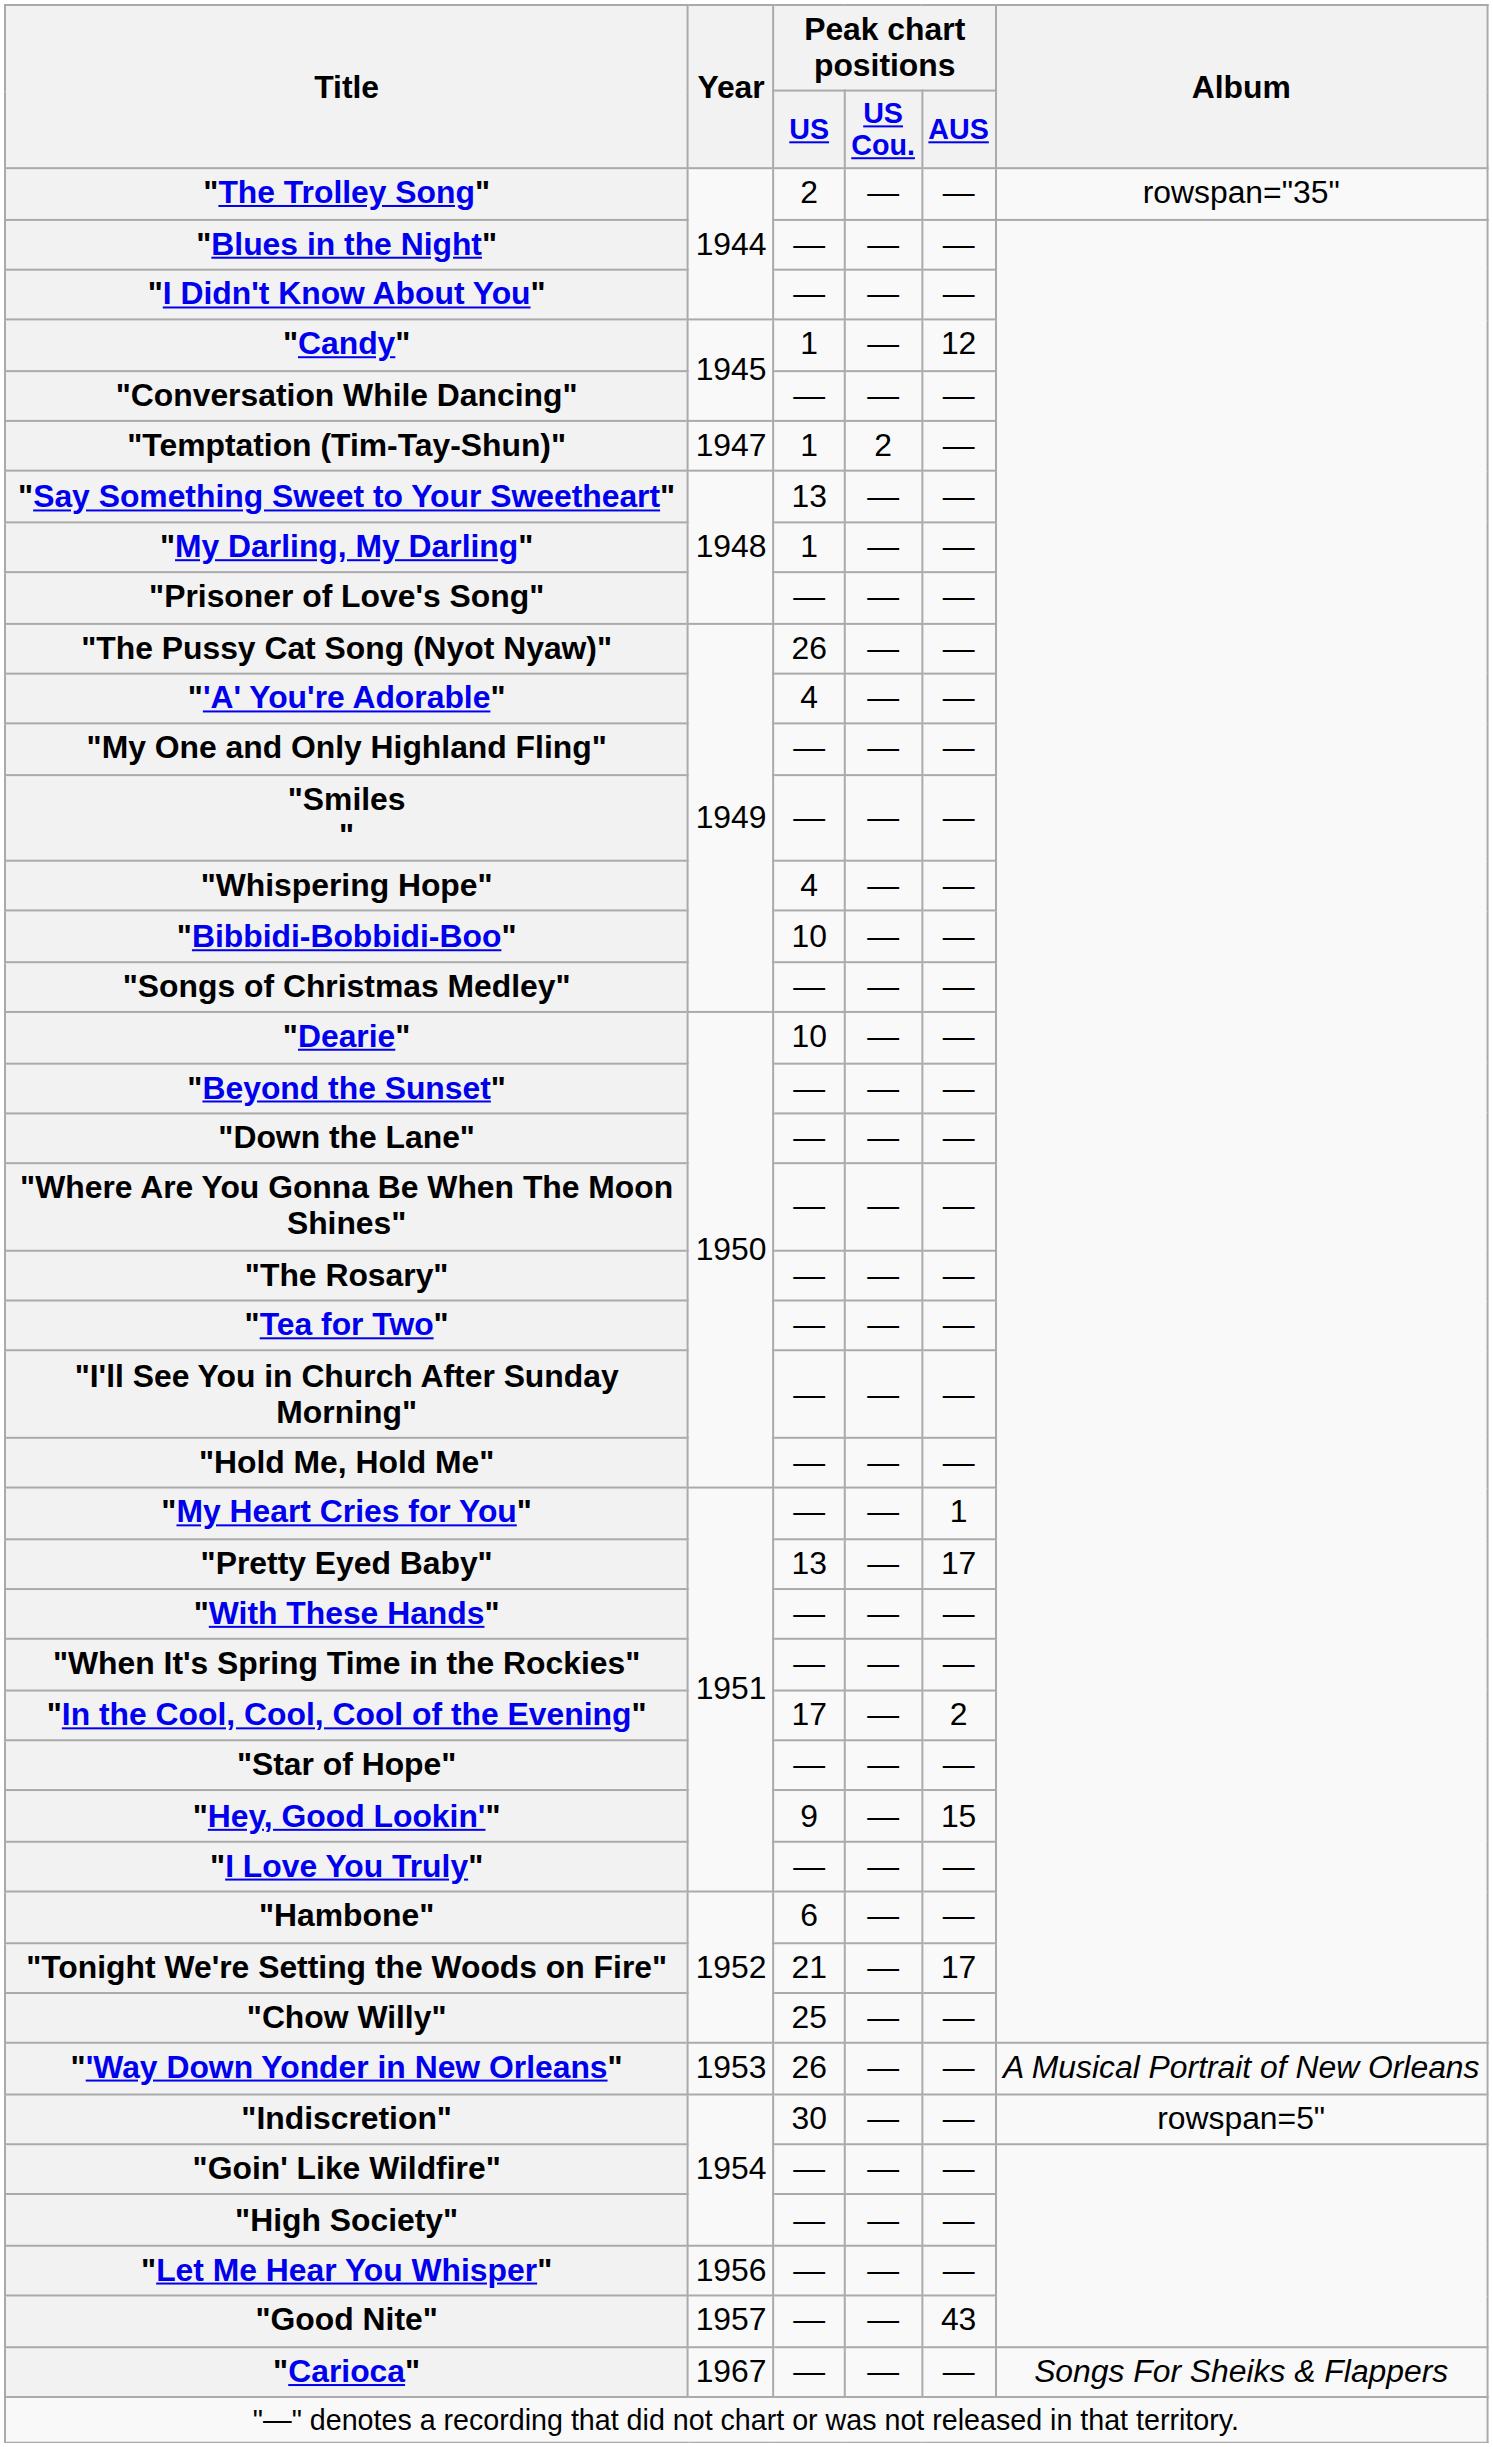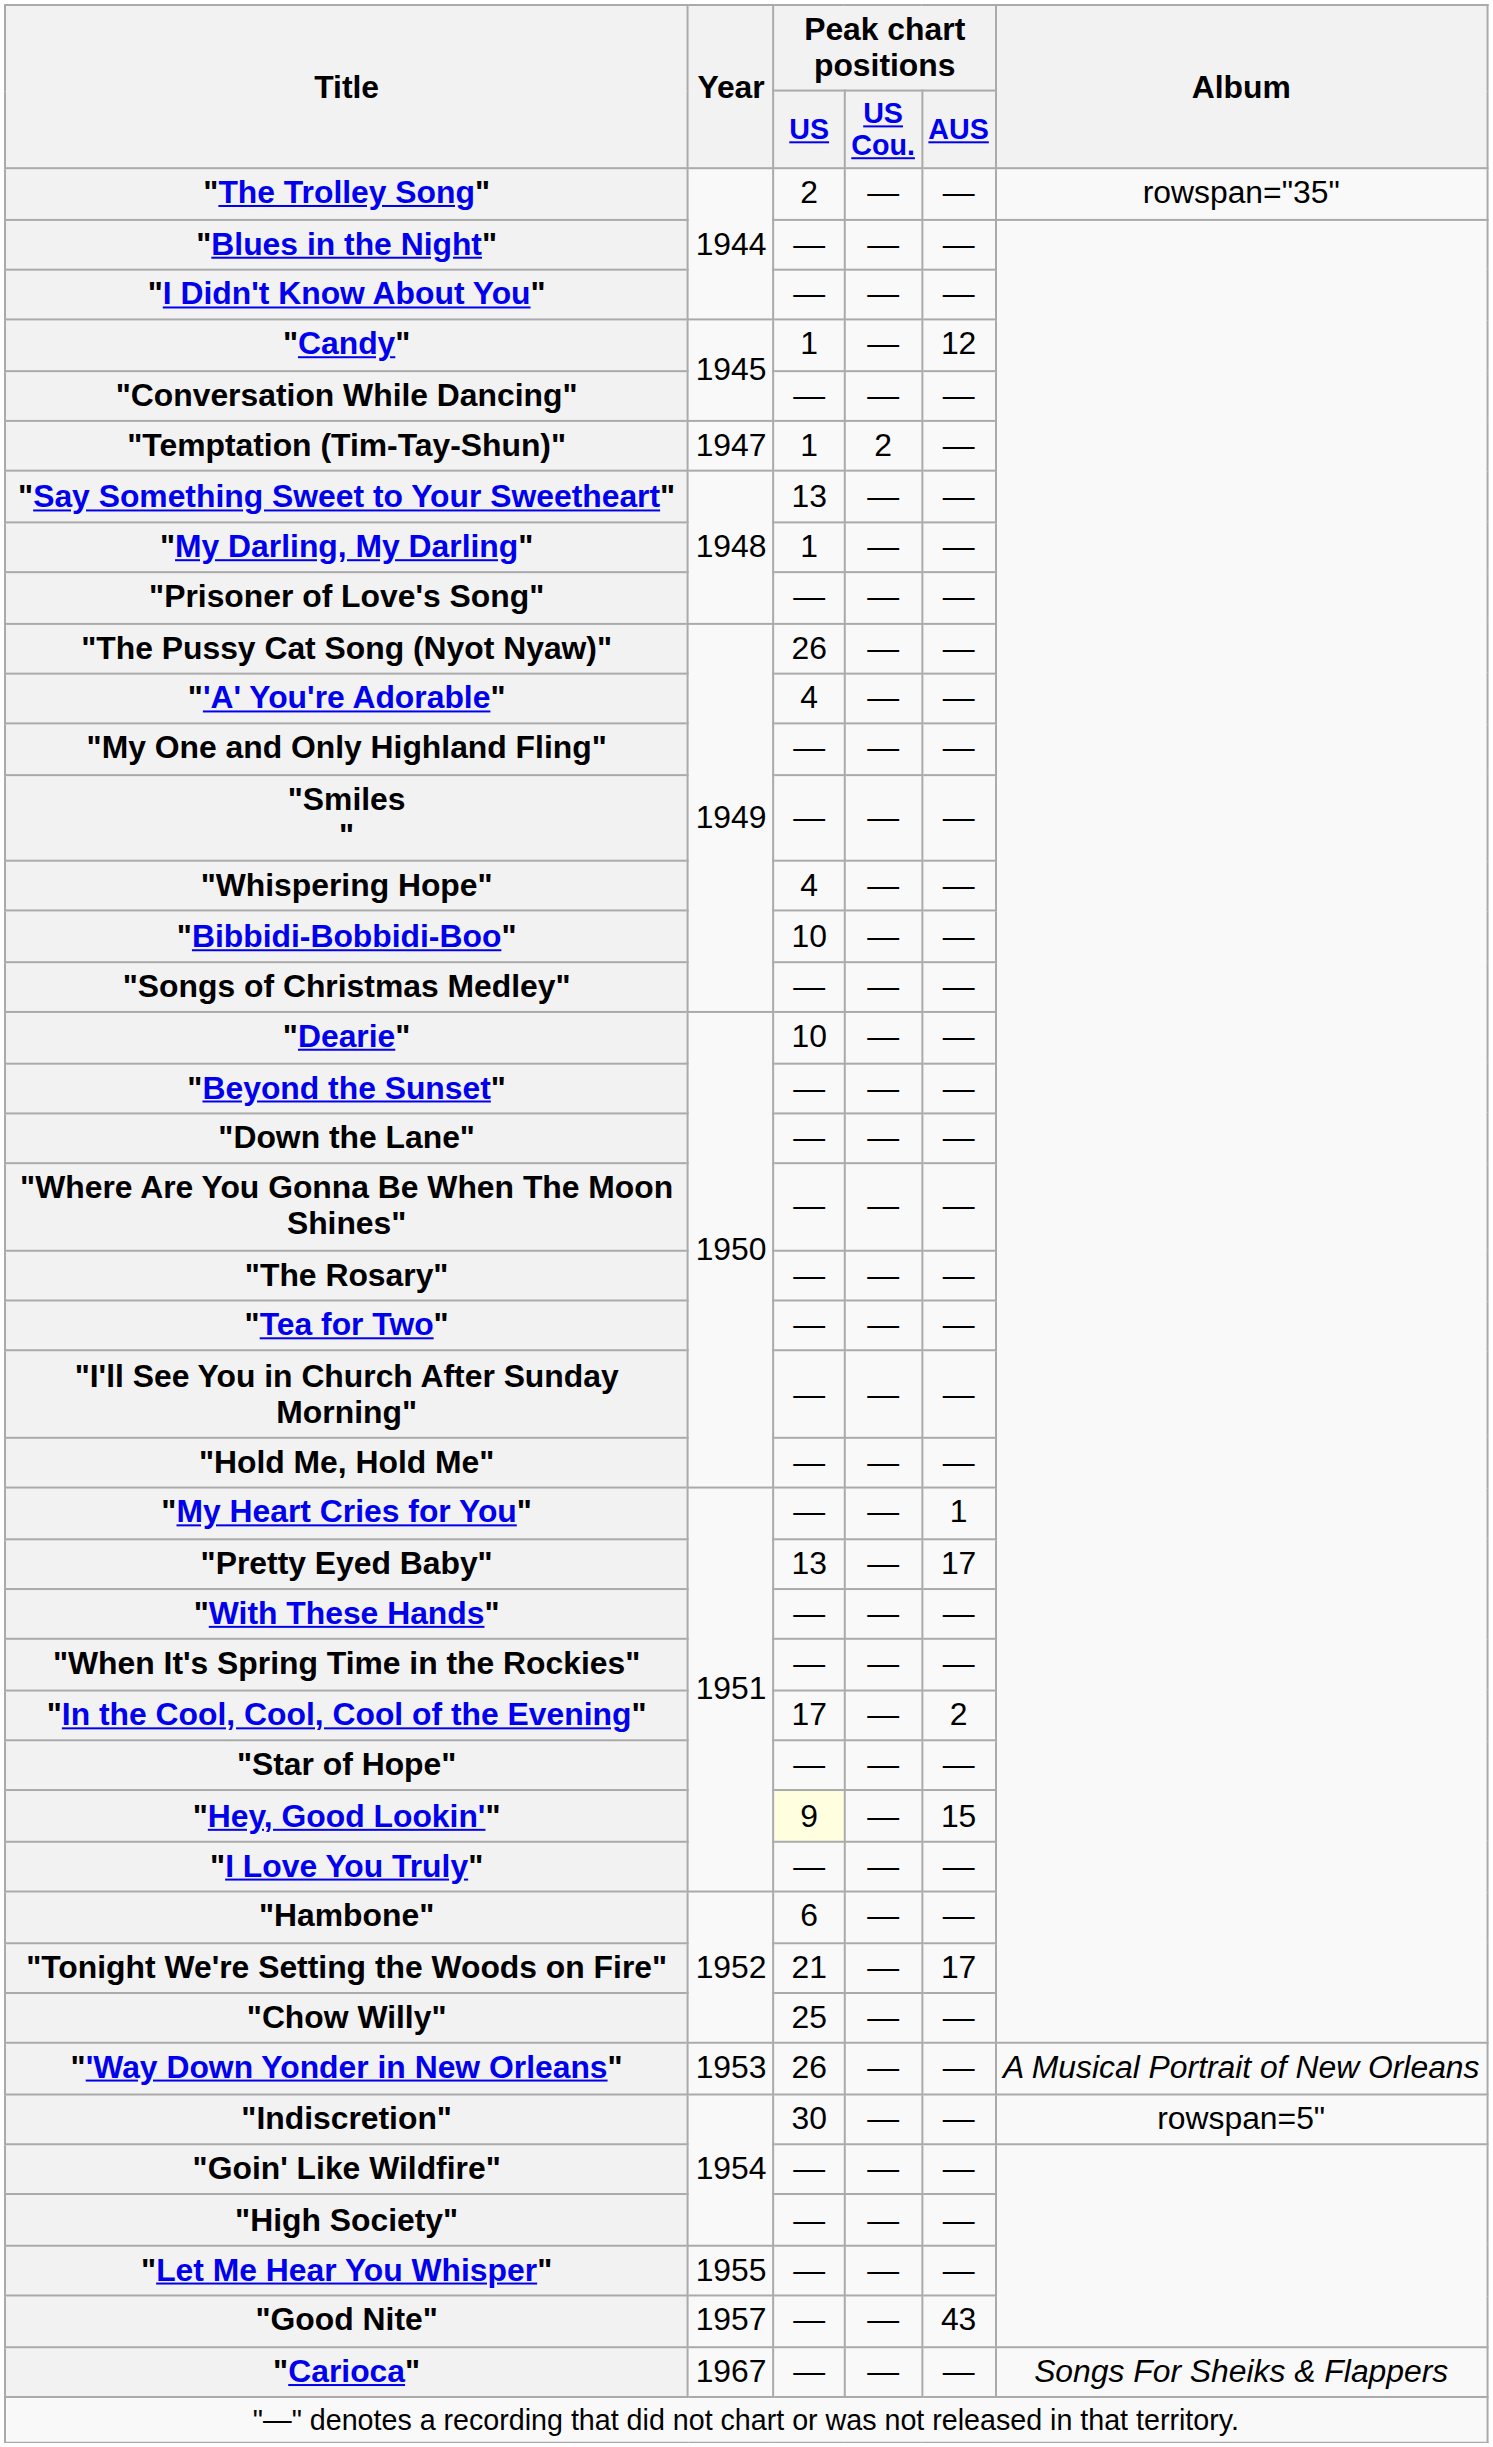 <table class="wikitable plainrowheaders" style="text-align:center;" border="1">
 <tr>
 <th scope="col" rowspan="2" style="width:21em;">Title</th>
 <th scope="col" rowspan="2">Year</th>
 <th scope="col" colspan="3">Peak chart positions</th>
 <th scope="col" rowspan="2">Album</th>
 </tr>
 <tr>
 <th scope="col" style="width:2em;font-size:90%;"><a href='#'>US</a><br></th>
 <th scope="col" style="width:2em;font-size:90%;"><a href='#'>US<br>Cou.</a><br></th>
 <th scope="col" style="width:2em;font-size:90%;"><a href='#'>AUS</a><br></th>
 </tr>
 <tr>
 <th scope="row">"<a href='#'>The Trolley Song</a>"<br></th>
 <td rowspan="3">1944</td>
 <td>2</td>
 <td>—</td>
 <td>—</td>
 <td>rowspan="35" </td>
 </tr>
 <tr>
 <th scope="row">"<a href='#'>Blues in the Night</a>"<br></th>
 <td>—</td>
 <td>—</td>
 <td>—</td>
 </tr>
 <tr>
 <th scope="row">"<a href='#'>I Didn't Know About You</a>"<br></th>
 <td>—</td>
 <td>—</td>
 <td>—</td>
 </tr>
 <tr>
 <th scope="row">"<a href='#'>Candy</a>"<br></th>
 <td rowspan="2">1945</td>
 <td>1</td>
 <td>—</td>
 <td>12</td>
 </tr>
 <tr>
 <th scope="row">"Conversation While Dancing"<br></th>
 <td>—</td>
 <td>—</td>
 <td>—</td>
 </tr>
 <tr>
 <th scope="row">"Temptation (Tim-Tay-Shun)"<br></th>
 <td>1947</td>
 <td>1</td>
 <td>2</td>
 <td>—</td>
 </tr>
 <tr>
 <th scope="row">"<a href='#'>Say Something Sweet to Your Sweetheart</a>"<br></th>
 <td rowspan="3">1948</td>
 <td>13</td>
 <td>—</td>
 <td>—</td>
 </tr>
 <tr>
 <th scope="row">"<a href='#'>My Darling, My Darling</a>"<br></th>
 <td>1</td>
 <td>—</td>
 <td>—</td>
 </tr>
 <tr>
 <th scope="row">"Prisoner of Love's Song"<br></th>
 <td>—</td>
 <td>—</td>
 <td>—</td>
 </tr>
 <tr>
 <th scope="row">"The Pussy Cat Song (Nyot Nyaw)"<br></th>
 <td rowspan="7">1949</td>
 <td>26</td>
 <td>—</td>
 <td>—</td>
 </tr>
 <tr>
 <th scope="row">"<a href='#'>'A' You're Adorable</a>"<br></th>
 <td>4</td>
 <td>—</td>
 <td>—</td>
 </tr>
 <tr>
 <th scope="row">"My One and Only Highland Fling"<br></th>
 <td>—</td>
 <td>—</td>
 <td>—</td>
 </tr>
 <tr>
 <th scope="row">"Smiles<br>"</th>
 <td>—</td>
 <td>—</td>
 <td>—</td>
 </tr>
 <tr>
 <th scope="row">"Whispering Hope"<br></th>
 <td>4</td>
 <td>—</td>
 <td>—</td>
 </tr>
 <tr>
 <th scope="row">"<a href='#'>Bibbidi-Bobbidi-Boo</a>"<br></th>
 <td>10</td>
 <td>—</td>
 <td>—</td>
 </tr>
 <tr>
 <th scope="row">"Songs of Christmas Medley"<br></th>
 <td>—</td>
 <td>—</td>
 <td>—</td>
 </tr>
 <tr>
 <th scope="row">"<a href='#'>Dearie</a>"<br></th>
 <td rowspan="8">1950</td>
 <td>10</td>
 <td>—</td>
 <td>—</td>
 </tr>
 <tr>
 <th scope="row">"<a href='#'>Beyond the Sunset</a>"<br></th>
 <td>—</td>
 <td>—</td>
 <td>—</td>
 </tr>
 <tr>
 <th scope="row">"Down the Lane"<br></th>
 <td>—</td>
 <td>—</td>
 <td>—</td>
 </tr>
 <tr>
 <th scope="row">"Where Are You Gonna Be When The Moon Shines"<br></th>
 <td>—</td>
 <td>—</td>
 <td>—</td>
 </tr>
 <tr>
 <th scope="row">"The Rosary"<br></th>
 <td>—</td>
 <td>—</td>
 <td>—</td>
 </tr>
 <tr>
 <th scope="row">"<a href='#'>Tea for Two</a>"<br></th>
 <td>—</td>
 <td>—</td>
 <td>—</td>
 </tr>
 <tr>
 <th scope="row">"I'll See You in Church After Sunday Morning"<br></th>
 <td>—</td>
 <td>—</td>
 <td>—</td>
 </tr>
 <tr>
 <th scope="row">"Hold Me, Hold Me"<br></th>
 <td>—</td>
 <td>—</td>
 <td>—</td>
 </tr>
 <tr>
 <th scope="row">"<a href='#'>My Heart Cries for You</a>"<br></th>
 <td rowspan="8">1951</td>
 <td>—</td>
 <td>—</td>
 <td>1</td>
 </tr>
 <tr>
 <th scope="row">"Pretty Eyed Baby"<br></th>
 <td>13</td>
 <td>—</td>
 <td>17</td>
 </tr>
 <tr>
 <th scope="row">"<a href='#'>With These Hands</a>"<br></th>
 <td>—</td>
 <td>—</td>
 <td>—</td>
 </tr>
 <tr>
 <th scope="row">"When It's Spring Time in the Rockies"<br></th>
 <td>—</td>
 <td>—</td>
 <td>—</td>
 </tr>
 <tr>
 <th scope="row">"<a href='#'>In the Cool, Cool, Cool of the Evening</a>"<br></th>
 <td>17</td>
 <td>—</td>
 <td>2</td>
 </tr>
 <tr>
 <th scope="row">"Star of Hope"<br></th>
 <td>—</td>
 <td>—</td>
 <td>—</td>
 </tr>
 <tr>
 <th scope="row">"<a href='#'>Hey, Good Lookin'</a>"<br></th>
-<td>9</td>
+<td style="background: lightyellow;">9</td>
 <td>—</td>
 <td>15</td>
 </tr>
 <tr>
 <th scope="row">"<a href='#'>I Love You Truly</a>"<br></th>
 <td>—</td>
 <td>—</td>
 <td>—</td>
 </tr>
 <tr>
 <th scope="row">"Hambone"<br></th>
 <td rowspan="3">1952</td>
 <td>6</td>
 <td>—</td>
 <td>—</td>
 </tr>
 <tr>
 <th scope="row">"Tonight We're Setting the Woods on Fire"<br></th>
 <td>21</td>
 <td>—</td>
 <td>17</td>
 </tr>
 <tr>
 <th scope="row">"Chow Willy"<br></th>
 <td>25</td>
 <td>—</td>
 <td>—</td>
 </tr>
 <tr>
 <th scope="row">"<a href='#'>'Way Down Yonder in New Orleans</a>"<br></th>
 <td>1953</td>
 <td>26</td>
 <td>—</td>
 <td>—</td>
 <td><em>A Musical Portrait of New Orleans</em></td>
 </tr>
 <tr>
 <th scope="row">"Indiscretion"<br></th>
 <td rowspan="3">1954</td>
 <td>30</td>
 <td>—</td>
 <td>—</td>
 <td>rowspan=5" </td>
 </tr>
 <tr>
 <th scope="row">"Goin' Like Wildfire"<br></th>
 <td>—</td>
 <td>—</td>
 <td>—</td>
 </tr>
 <tr>
 <th scope="row">"High Society"<br></th>
 <td>—</td>
 <td>—</td>
 <td>—</td>
 </tr>
 <tr>
 <th scope="row">"<a href='#'>Let Me Hear You Whisper</a>"<br></th>
-<td>1956</td>
+<td>1955</td>
 <td>—</td>
 <td>—</td>
 <td>—</td>
 </tr>
 <tr>
 <th scope="row">"Good Nite"<br></th>
 <td>1957</td>
 <td>—</td>
 <td>—</td>
 <td>43</td>
 </tr>
 <tr>
 <th scope="row">"<a href='#'>Carioca</a>"<br></th>
 <td>1967</td>
 <td>—</td>
 <td>—</td>
 <td>—</td>
 <td><em>Songs For Sheiks & Flappers</em></td>
 </tr>
 <tr>
 <td colspan="6" style="font-size:90%">"—" denotes a recording that did not chart or was not released in that territory.</td>
 </tr>
 </table>
